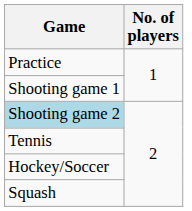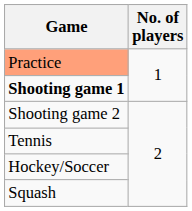 <table class="wikitable floatright">
 <tr>
 <th>Game</th>
 <th>No. of<br>players</th>
 </tr>
 <tr>
-<td>Practice</td>
+<td style="background: lightsalmon;">Practice</td>
 <td rowspan="2" align="center">1</td>
 </tr>
 <tr>
-<td>Shooting game 1</td>
+<td><strong>Shooting game 1</strong></td>
 </tr>
 <tr>
-<td style="background: lightblue;">Shooting game 2</td>
+<td>Shooting game 2</td>
 <td rowspan="4" align="center">2</td>
 </tr>
 <tr>
 <td>Tennis</td>
 </tr>
 <tr>
 <td>Hockey/Soccer</td>
 </tr>
 <tr>
 <td>Squash</td>
 </tr>
 </table>
